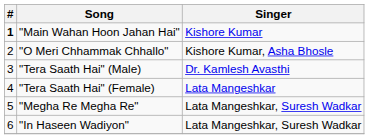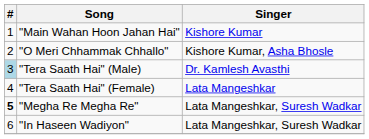 <table class="wikitable" style="font-size:95%;">
 <tr>
 <th>#</th>
 <th>Song</th>
 <th>Singer</th>
 </tr>
 <tr>
-<td><strong>1</strong></td>
+<td>1</td>
 <td>"Main Wahan Hoon Jahan Hai"</td>
 <td><a href='#'>Kishore Kumar</a></td>
 </tr>
 <tr>
 <td>2</td>
 <td>"O Meri Chhammak Chhallo"</td>
 <td>Kishore Kumar, <a href='#'>Asha Bhosle</a></td>
 </tr>
 <tr>
-<td>3</td>
+<td style="background: lightblue;">3</td>
 <td>"Tera Saath Hai" (Male)</td>
 <td><a href='#'>Dr. Kamlesh Avasthi</a></td>
 </tr>
 <tr>
 <td>4</td>
 <td>"Tera Saath Hai" (Female)</td>
 <td><a href='#'>Lata Mangeshkar</a></td>
 </tr>
 <tr>
-<td>5</td>
+<td><strong>5</strong></td>
 <td>"Megha Re Megha Re"</td>
 <td>Lata Mangeshkar, <a href='#'>Suresh Wadkar</a></td>
 </tr>
 <tr>
 <td>6</td>
 <td>"In Haseen Wadiyon"</td>
 <td>Lata Mangeshkar, Suresh Wadkar</td>
 </tr>
 <tr>
 </tr>
 </table>
